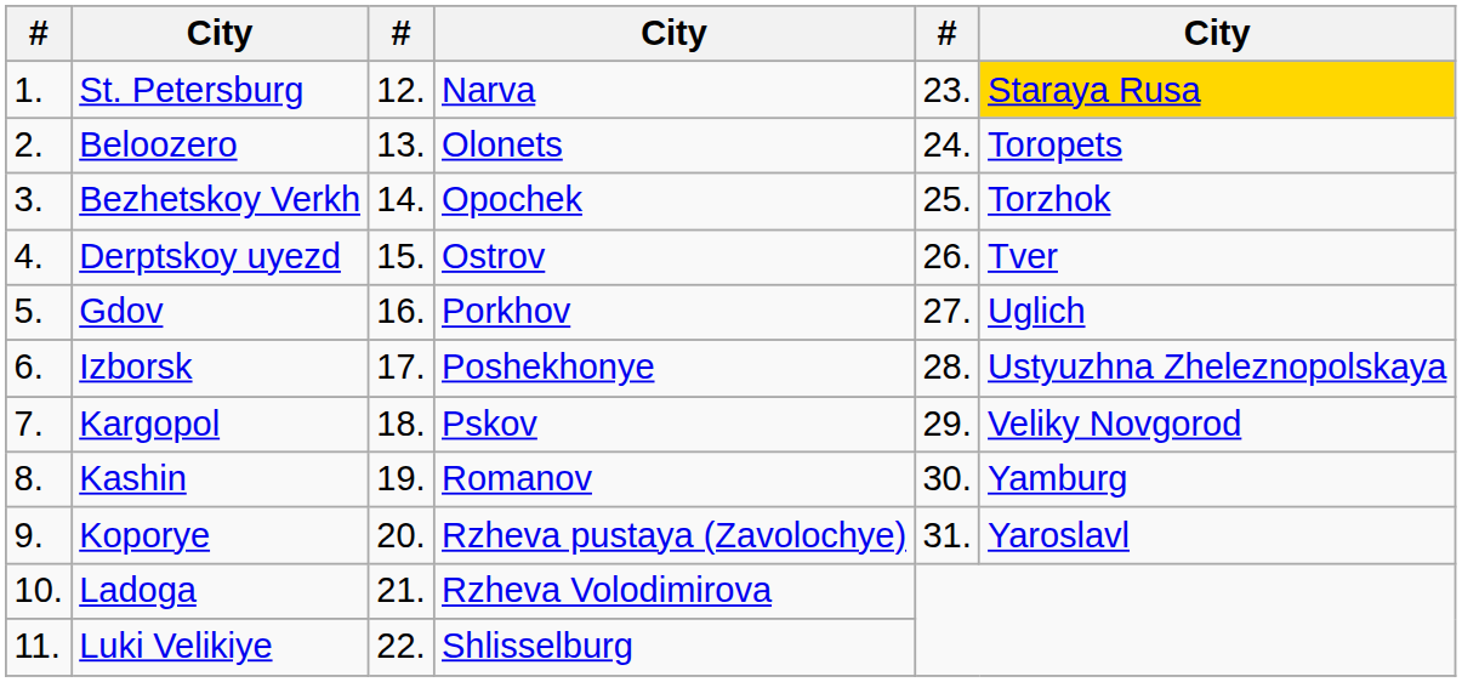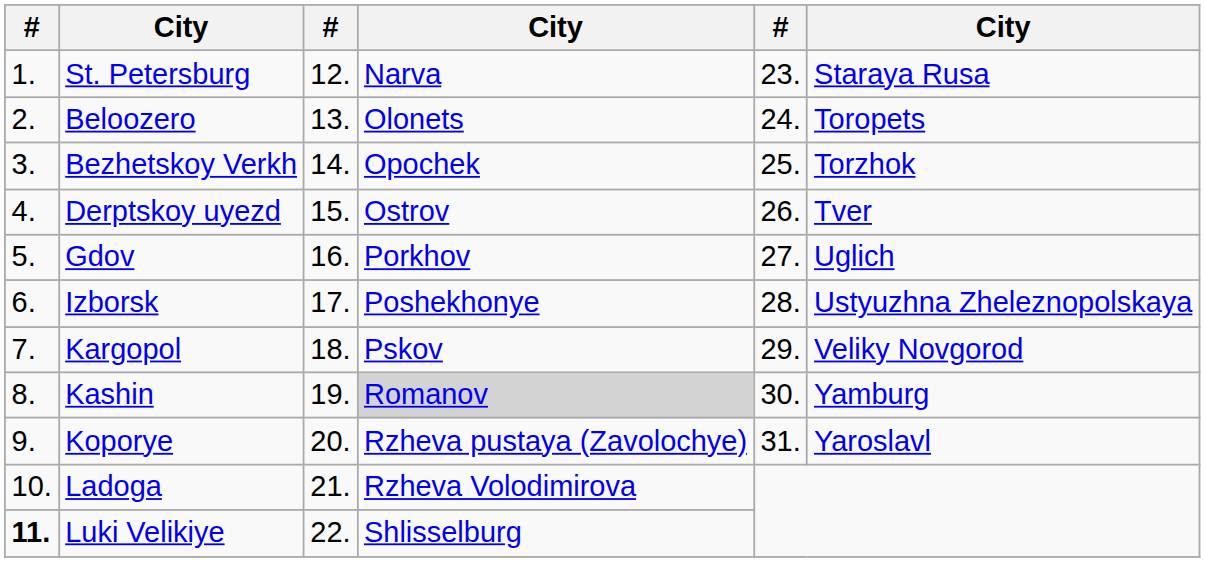 <table class="wikitable">
 <tr>
 <th>#</th>
 <th>City</th>
 <th>#</th>
 <th>City</th>
 <th>#</th>
 <th>City</th>
 </tr>
 <tr>
 <td>1.</td>
 <td><a href='#'>St. Petersburg</a></td>
 <td>12.</td>
 <td><a href='#'>Narva</a></td>
 <td>23.</td>
-<td style="background: gold;"><a href='#'>Staraya Rusa</a></td>
+<td><a href='#'>Staraya Rusa</a></td>
 </tr>
 <tr>
 <td>2.</td>
 <td><a href='#'>Beloozero</a></td>
 <td>13.</td>
 <td><a href='#'>Olonets</a></td>
 <td>24.</td>
 <td><a href='#'>Toropets</a></td>
 </tr>
 <tr>
 <td>3.</td>
 <td><a href='#'>Bezhetskoy Verkh</a></td>
 <td>14.</td>
 <td><a href='#'>Opochek</a></td>
 <td>25.</td>
 <td><a href='#'>Torzhok</a></td>
 </tr>
 <tr>
 <td>4.</td>
 <td><a href='#'>Derptskoy uyezd</a></td>
 <td>15.</td>
 <td><a href='#'>Ostrov</a></td>
 <td>26.</td>
 <td><a href='#'>Tver</a></td>
 </tr>
 <tr>
 <td>5.</td>
 <td><a href='#'>Gdov</a></td>
 <td>16.</td>
 <td><a href='#'>Porkhov</a></td>
 <td>27.</td>
 <td><a href='#'>Uglich</a></td>
 </tr>
 <tr>
 <td>6.</td>
 <td><a href='#'>Izborsk</a></td>
 <td>17.</td>
 <td><a href='#'>Poshekhonye</a></td>
 <td>28.</td>
 <td><a href='#'>Ustyuzhna Zheleznopolskaya</a></td>
 </tr>
 <tr>
 <td>7.</td>
 <td><a href='#'>Kargopol</a></td>
 <td>18.</td>
 <td><a href='#'>Pskov</a></td>
 <td>29.</td>
 <td><a href='#'>Veliky Novgorod</a></td>
 </tr>
 <tr>
 <td>8.</td>
 <td><a href='#'>Kashin</a></td>
 <td>19.</td>
-<td><a href='#'>Romanov</a></td>
+<td style="background: lightgrey;"><a href='#'>Romanov</a></td>
 <td>30.</td>
 <td><a href='#'>Yamburg</a></td>
 </tr>
 <tr>
 <td>9.</td>
 <td><a href='#'>Koporye</a></td>
 <td>20.</td>
 <td><a href='#'>Rzheva pustaya (Zavolochye)</a></td>
 <td>31.</td>
 <td><a href='#'>Yaroslavl</a></td>
 </tr>
 <tr>
 <td>10.</td>
 <td><a href='#'>Ladoga</a></td>
 <td>21.</td>
 <td><a href='#'>Rzheva Volodimirova</a></td>
 </tr>
 <tr>
-<td>11.</td>
+<td><strong>11.</strong></td>
 <td><a href='#'>Luki Velikiye</a></td>
 <td>22.</td>
 <td><a href='#'>Shlisselburg</a></td>
 </tr>
 </table>
